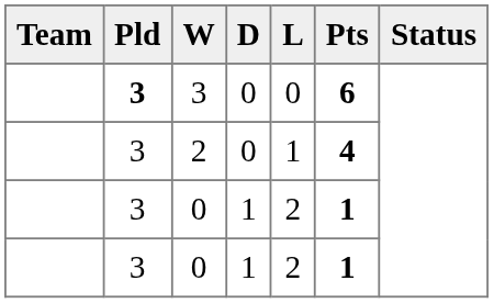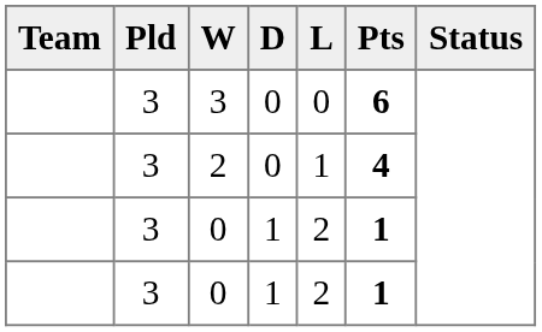 <table style=border-collapse:collapse border=1 cellspacing=0 cellpadding=5>
 <tr align=center bgcolor=#efefef>
 <th>Team</th>
 <th>Pld</th>
 <th>W</th>
 <th>D</th>
 <th>L</th>
 <th>Pts</th>
 <th>Status</th>
 </tr>
 <tr align=center style="background:#FFFFFF;">
 <td style="text-align:left;"> </td>
-<td><strong>3</strong></td>
+<td>3</td>
 <td>3</td>
 <td>0</td>
 <td>0</td>
 <td><strong>6</strong></td>
 <td rowspan=4></td>
 </tr>
 <tr align=center style="background:#FFFFFF;">
 <td style="text-align:left;"> </td>
 <td>3</td>
 <td>2</td>
 <td>0</td>
 <td>1</td>
 <td><strong>4</strong></td>
 </tr>
 <tr align=center style="background:#FFFFFF;">
 <td style="text-align:left;"> </td>
 <td>3</td>
 <td>0</td>
 <td>1</td>
 <td>2</td>
 <td><strong>1</strong></td>
 </tr>
 <tr align=center style="background:#FFFFFF;">
 <td style="text-align:left;"> </td>
 <td>3</td>
 <td>0</td>
 <td>1</td>
 <td>2</td>
 <td><strong>1</strong></td>
 </tr>
 </table>
